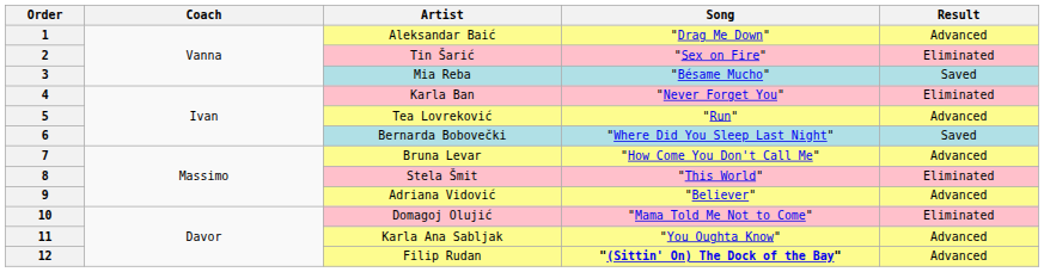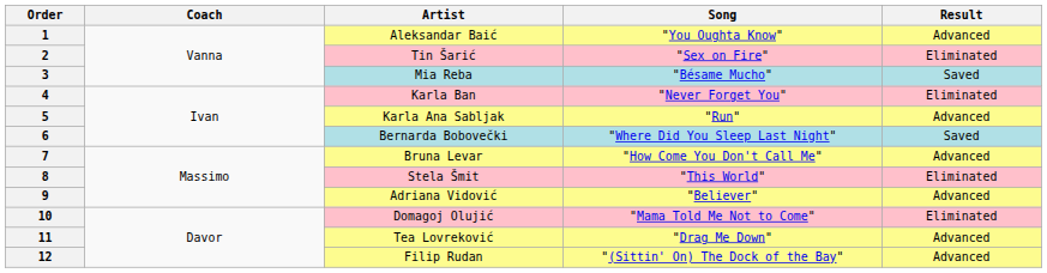 <table class="wikitable" style="text-align:center; line-height:16px; width:90%;">
 <tr>
 <th scope="col" width="05%">Order</th>
 <th scope="col" width="15%">Coach</th>
 <th scope="col" width="15%">Artist</th>
 <th scope="col" width="20%">Song</th>
 <th scope="col" width="10%">Result</th>
 </tr>
 <tr>
 <th>1</th>
 <td rowspan="3">Vanna</td>
 <td style="background:#fdfc8f;">Aleksandar Baić</td>
-<td style="background:#fdfc8f;">"<a href='#'>Drag Me Down</a>"</td>
+<td style="background:#fdfc8f;">"<a href='#'>You Oughta Know</a>"</td>
 <td style="background:#fdfc8f;">Advanced</td>
 </tr>
 <tr>
 <th>2</th>
 <td style="background:pink;">Tin Šarić</td>
 <td style="background:pink;">"<a href='#'>Sex on Fire</a>"</td>
 <td style="background:pink;">Eliminated</td>
 </tr>
 <tr>
 <th>3</th>
 <td style="background:#b0e0e6;">Mia Reba</td>
 <td style="background:#b0e0e6;">"<a href='#'>Bésame Mucho</a>"</td>
 <td style="background:#b0e0e6;">Saved</td>
 </tr>
 <tr>
 <th>4</th>
 <td rowspan="3">Ivan</td>
 <td style="background:pink;">Karla Ban</td>
 <td style="background:pink;">"<a href='#'>Never Forget You</a>"</td>
 <td style="background:pink;">Eliminated</td>
 </tr>
 <tr>
 <th>5</th>
-<td style="background:#fdfc8f;">Tea Lovreković</td>
+<td style="background:#fdfc8f;">Karla Ana Sabljak</td>
 <td style="background:#fdfc8f;">"<a href='#'>Run</a>"</td>
 <td style="background:#fdfc8f;">Advanced</td>
 </tr>
 <tr>
 <th>6</th>
 <td style="background:#b0e0e6;">Bernarda Bobovečki</td>
 <td style="background:#b0e0e6;">"<a href='#'>Where Did You Sleep Last Night</a>"</td>
 <td style="background:#b0e0e6;">Saved</td>
 </tr>
 <tr>
 <th>7</th>
 <td rowspan="3">Massimo</td>
 <td style="background:#fdfc8f;">Bruna Levar</td>
 <td style="background:#fdfc8f;">"<a href='#'>How Come You Don't Call Me</a>"</td>
 <td style="background:#fdfc8f;">Advanced</td>
 </tr>
 <tr>
 <th>8</th>
 <td style="background:pink;">Stela Šmit</td>
 <td style="background:pink;">"<a href='#'>This World</a>"</td>
 <td style="background:pink;">Eliminated</td>
 </tr>
 <tr>
 <th>9</th>
 <td style="background:#fdfc8f;">Adriana Vidović</td>
 <td style="background:#fdfc8f;">"<a href='#'>Believer</a>"</td>
 <td style="background:#fdfc8f;">Advanced</td>
 </tr>
 <tr>
 <th>10</th>
 <td rowspan="3">Davor</td>
 <td style="background:pink;">Domagoj Olujić</td>
 <td style="background:pink;">"<a href='#'>Mama Told Me Not to Come</a>"</td>
 <td style="background:pink;">Eliminated</td>
 </tr>
 <tr>
 <th>11</th>
-<td style="background:#fdfc8f;">Karla Ana Sabljak</td>
-<td style="background:#fdfc8f;">"<a href='#'>You Oughta Know</a>"</td>
+<td style="background:#fdfc8f;">Tea Lovreković</td>
+<td style="background:#fdfc8f;">"<a href='#'>Drag Me Down</a>"</td>
 <td style="background:#fdfc8f;">Advanced</td>
 </tr>
 <tr>
 <th>12</th>
 <td style="background:#fdfc8f;">Filip Rudan</td>
-<td style="background:#fdfc8f;"><strong>"<a href='#'>(Sittin' On) The Dock of the Bay</a>"</strong></td>
+<td style="background:#fdfc8f;">"<a href='#'>(Sittin' On) The Dock of the Bay</a>"</td>
 <td style="background:#fdfc8f;">Advanced</td>
 </tr>
 </table>
